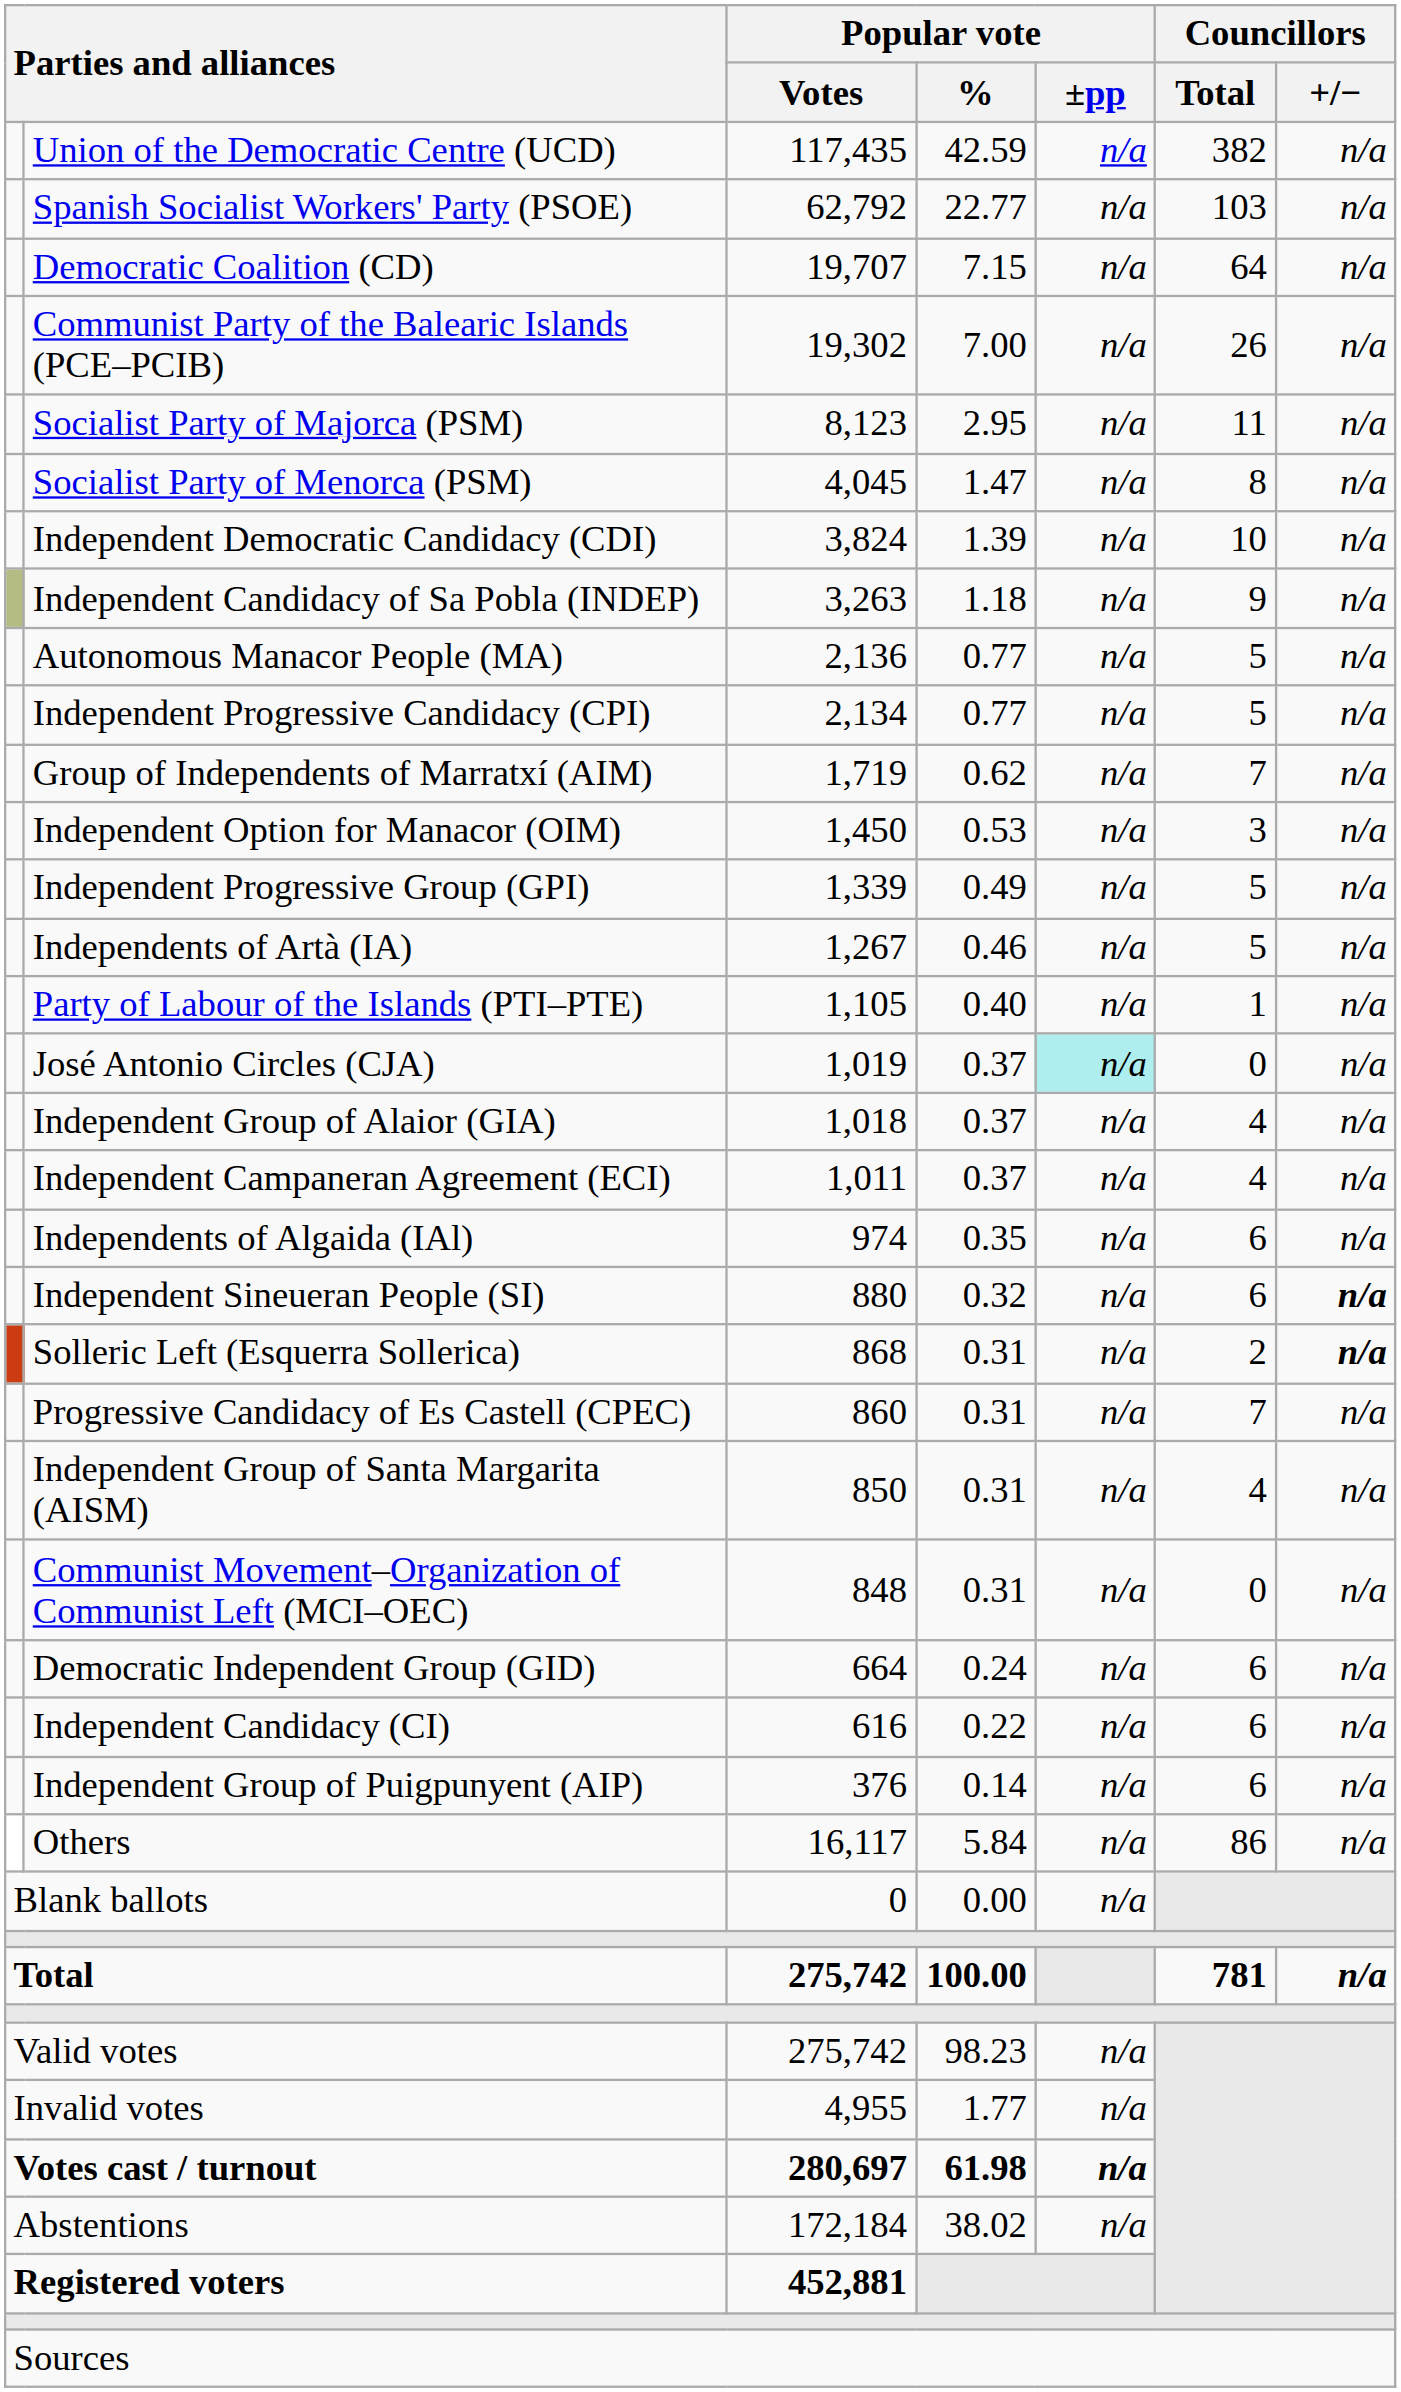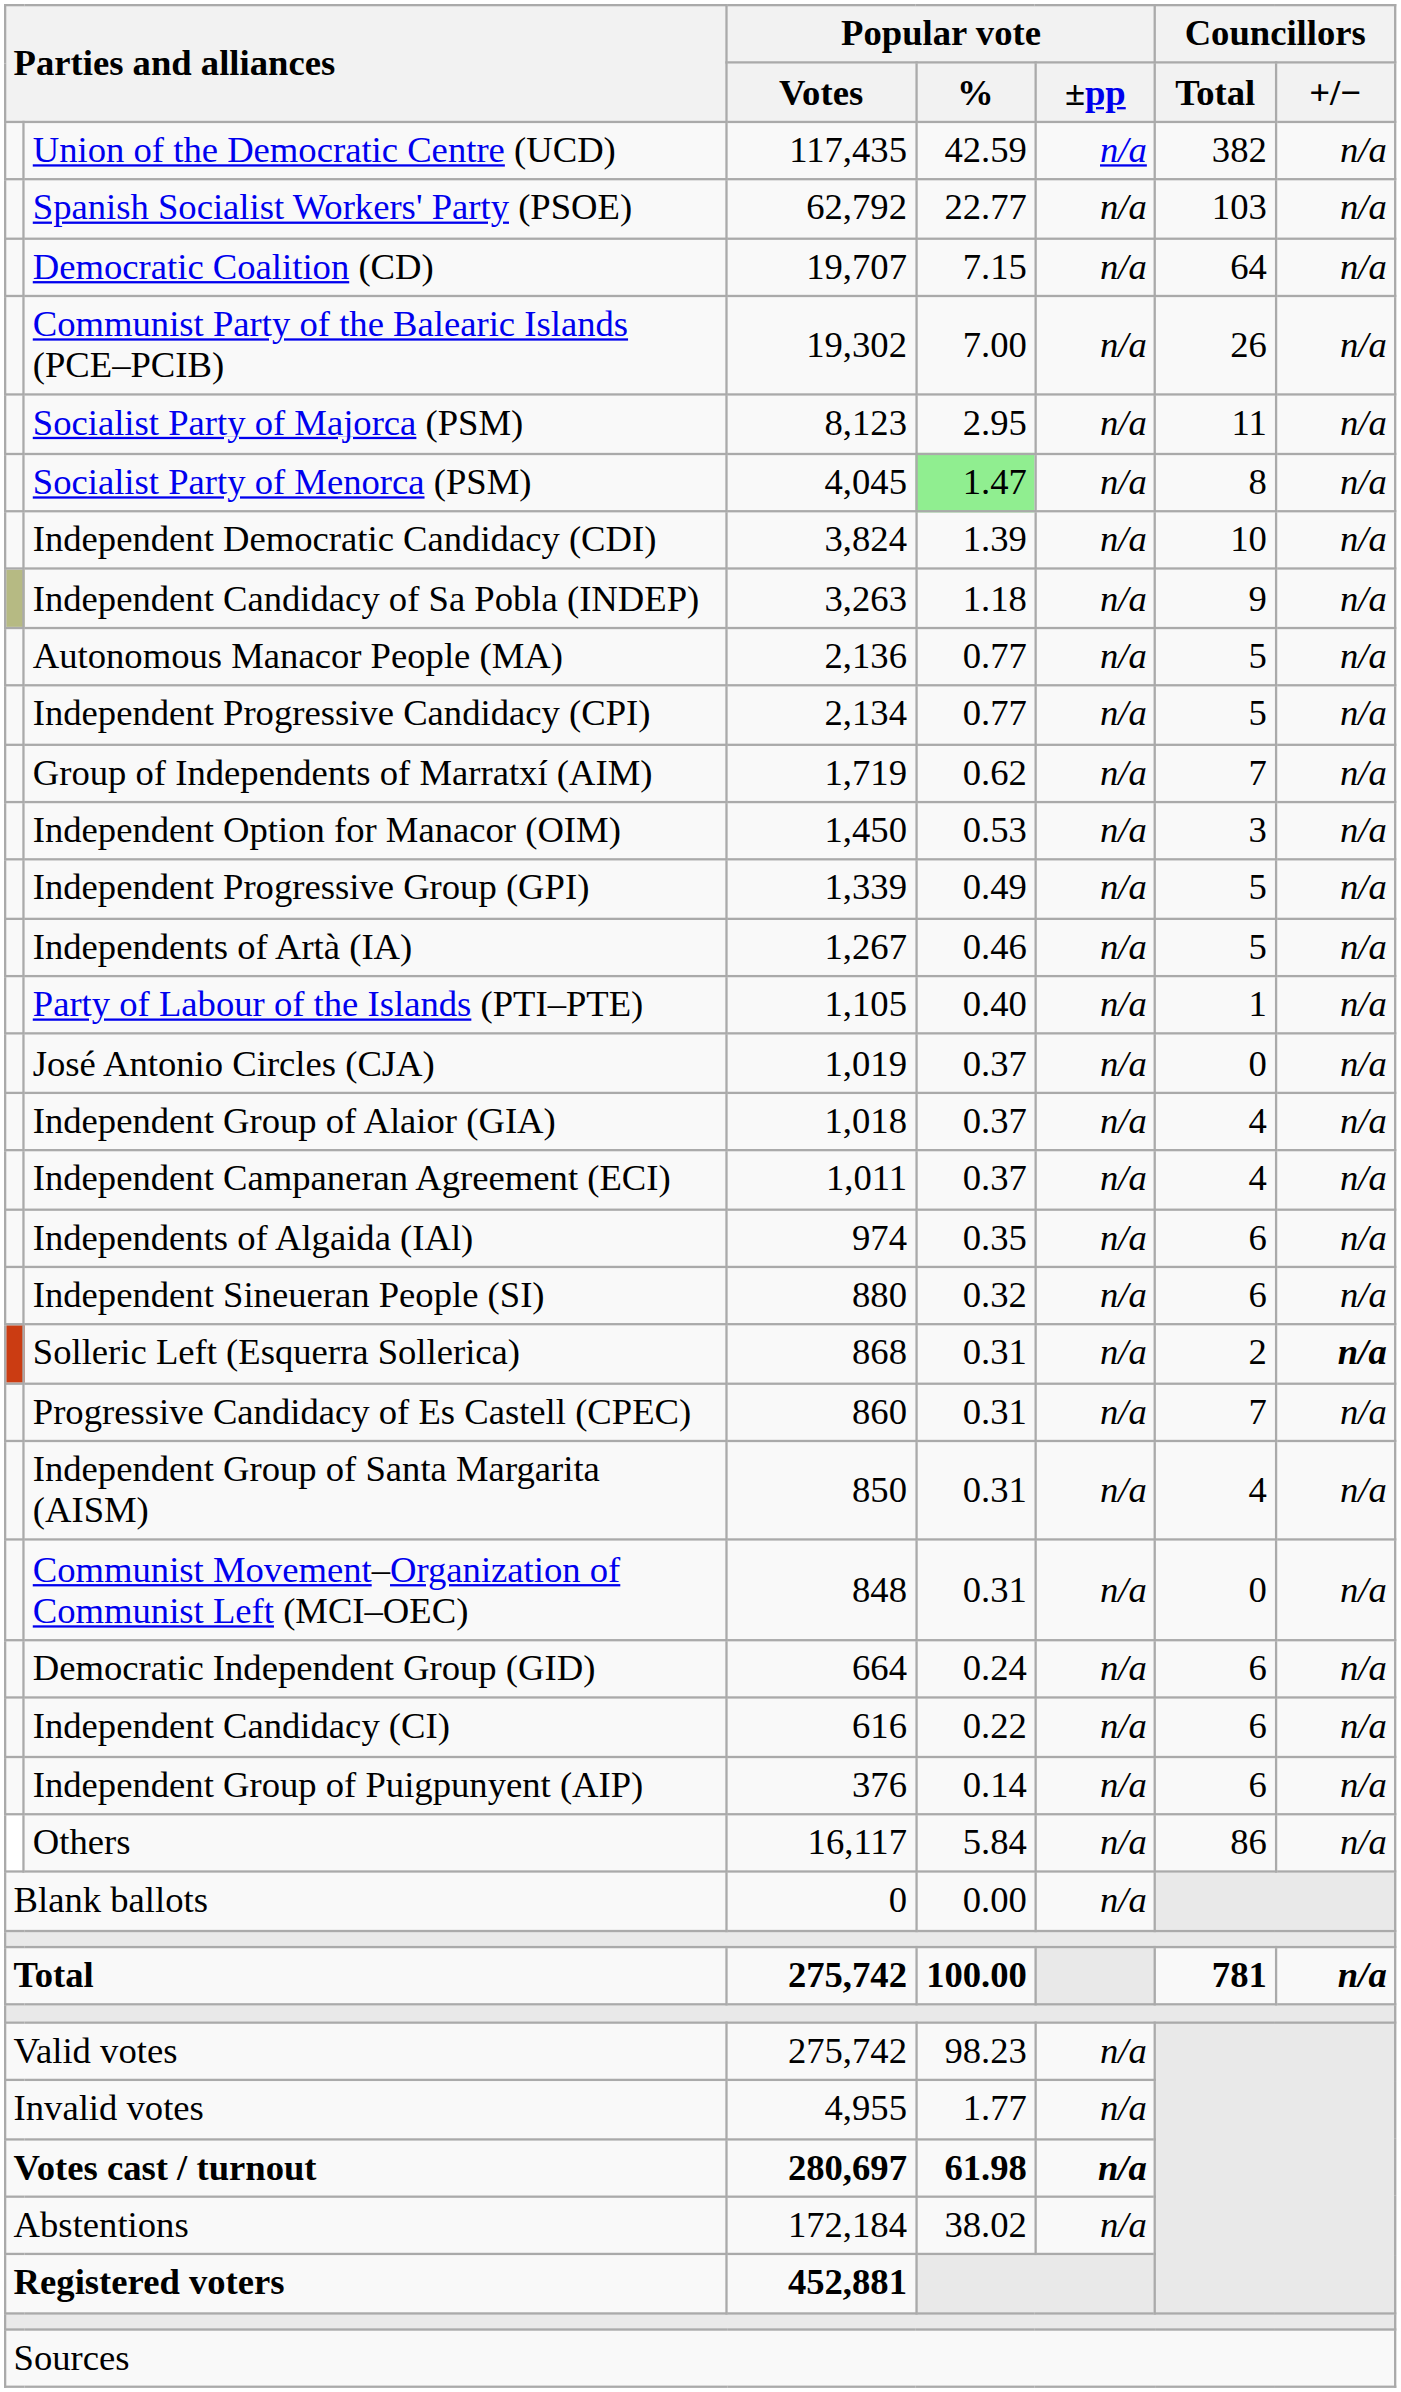 <table class="wikitable" style="text-align:right;">
 <tr>
 <th style="text-align:left;" rowspan="2" colspan="2" width="525">Parties and alliances</th>
 <th colspan="3">Popular vote</th>
 <th colspan="2">Councillors</th>
 </tr>
 <tr>
 <th width="75">Votes</th>
 <th width="45">%</th>
 <th width="45">±<a href='#'>pp</a></th>
 <th width="45">Total</th>
 <th width="45">+/−</th>
 </tr>
 <tr>
 <td width="1" style="color:inherit;background:"></td>
 <td align="left"><a href='#'>Union of the Democratic Centre</a> (UCD)</td>
 <td>117,435</td>
 <td>42.59</td>
 <td><em><a href='#'>n/a</a></em></td>
 <td>382</td>
 <td><em>n/a</em></td>
 </tr>
 <tr>
 <td style="color:inherit;background:"></td>
 <td align="left"><a href='#'>Spanish Socialist Workers' Party</a> (PSOE)</td>
 <td>62,792</td>
 <td>22.77</td>
 <td><em>n/a</em></td>
 <td>103</td>
 <td><em>n/a</em></td>
 </tr>
 <tr>
 <td style="color:inherit;background:"></td>
 <td align="left"><a href='#'>Democratic Coalition</a> (CD)</td>
 <td>19,707</td>
 <td>7.15</td>
 <td><em>n/a</em></td>
 <td>64</td>
 <td><em>n/a</em></td>
 </tr>
 <tr>
 <td style="color:inherit;background:"></td>
 <td align="left"><a href='#'>Communist Party of the Balearic Islands</a> (PCE–PCIB)</td>
 <td>19,302</td>
 <td>7.00</td>
 <td><em>n/a</em></td>
 <td>26</td>
 <td><em>n/a</em></td>
 </tr>
 <tr>
 <td style="color:inherit;background:"></td>
 <td align="left"><a href='#'>Socialist Party of Majorca</a> (PSM)</td>
 <td>8,123</td>
 <td>2.95</td>
 <td><em>n/a</em></td>
 <td>11</td>
 <td><em>n/a</em></td>
 </tr>
 <tr>
 <td style="color:inherit;background:"></td>
 <td align="left"><a href='#'>Socialist Party of Menorca</a> (PSM)</td>
 <td>4,045</td>
-<td>1.47</td>
+<td style="background: lightgreen;">1.47</td>
 <td><em>n/a</em></td>
 <td>8</td>
 <td><em>n/a</em></td>
 </tr>
 <tr>
 <td style="color:inherit;background:"></td>
 <td align="left">Independent Democratic Candidacy (CDI)</td>
 <td>3,824</td>
 <td>1.39</td>
 <td><em>n/a</em></td>
 <td>10</td>
 <td><em>n/a</em></td>
 </tr>
 <tr>
 <td bgcolor="#B6BA83"></td>
 <td align="left">Independent Candidacy of Sa Pobla (INDEP)</td>
 <td>3,263</td>
 <td>1.18</td>
 <td><em>n/a</em></td>
 <td>9</td>
 <td><em>n/a</em></td>
 </tr>
 <tr>
 <td style="color:inherit;background:"></td>
 <td align="left">Autonomous Manacor People (MA)</td>
 <td>2,136</td>
 <td>0.77</td>
 <td><em>n/a</em></td>
 <td>5</td>
 <td><em>n/a</em></td>
 </tr>
 <tr>
 <td style="color:inherit;background:"></td>
 <td align="left">Independent Progressive Candidacy (CPI)</td>
 <td>2,134</td>
 <td>0.77</td>
 <td><em>n/a</em></td>
 <td>5</td>
 <td><em>n/a</em></td>
 </tr>
 <tr>
 <td style="color:inherit;background:"></td>
 <td align="left">Group of Independents of Marratxí (AIM)</td>
 <td>1,719</td>
 <td>0.62</td>
 <td><em>n/a</em></td>
 <td>7</td>
 <td><em>n/a</em></td>
 </tr>
 <tr>
 <td style="color:inherit;background:"></td>
 <td align="left">Independent Option for Manacor (OIM)</td>
 <td>1,450</td>
 <td>0.53</td>
 <td><em>n/a</em></td>
 <td>3</td>
 <td><em>n/a</em></td>
 </tr>
 <tr>
 <td style="color:inherit;background:"></td>
 <td align="left">Independent Progressive Group (GPI)</td>
 <td>1,339</td>
 <td>0.49</td>
 <td><em>n/a</em></td>
 <td>5</td>
 <td><em>n/a</em></td>
 </tr>
 <tr>
 <td style="color:inherit;background:"></td>
 <td align="left">Independents of Artà (IA)</td>
 <td>1,267</td>
 <td>0.46</td>
 <td><em>n/a</em></td>
 <td>5</td>
 <td><em>n/a</em></td>
 </tr>
 <tr>
 <td style="color:inherit;background:"></td>
 <td align="left"><a href='#'>Party of Labour of the Islands</a> (PTI–PTE)</td>
 <td>1,105</td>
 <td>0.40</td>
 <td><em>n/a</em></td>
 <td>1</td>
 <td><em>n/a</em></td>
 </tr>
 <tr>
 <td style="color:inherit;background:"></td>
 <td align="left">José Antonio Circles (CJA)</td>
 <td>1,019</td>
 <td>0.37</td>
-<td style="background: paleturquoise;"><em>n/a</em></td>
+<td><em>n/a</em></td>
 <td>0</td>
 <td><em>n/a</em></td>
 </tr>
 <tr>
 <td style="color:inherit;background:"></td>
 <td align="left">Independent Group of Alaior (GIA)</td>
 <td>1,018</td>
 <td>0.37</td>
 <td><em>n/a</em></td>
 <td>4</td>
 <td><em>n/a</em></td>
 </tr>
 <tr>
 <td style="color:inherit;background:"></td>
 <td align="left">Independent Campaneran Agreement (ECI)</td>
 <td>1,011</td>
 <td>0.37</td>
 <td><em>n/a</em></td>
 <td>4</td>
 <td><em>n/a</em></td>
 </tr>
 <tr>
 <td style="color:inherit;background:"></td>
 <td align="left">Independents of Algaida (IAl)</td>
 <td>974</td>
 <td>0.35</td>
 <td><em>n/a</em></td>
 <td>6</td>
 <td><em>n/a</em></td>
 </tr>
 <tr>
 <td style="color:inherit;background:"></td>
 <td align="left">Independent Sineueran People (SI)</td>
 <td>880</td>
 <td>0.32</td>
 <td><em>n/a</em></td>
 <td>6</td>
-<td><strong><em>n/a</em></strong></td>
+<td><em>n/a</em></td>
 </tr>
 <tr>
 <td bgcolor="#CB3C12"></td>
 <td align="left">Solleric Left (Esquerra Sollerica)</td>
 <td>868</td>
 <td>0.31</td>
 <td><em>n/a</em></td>
 <td>2</td>
 <td><strong><em>n/a</em></strong></td>
 </tr>
 <tr>
 <td style="color:inherit;background:"></td>
 <td align="left">Progressive Candidacy of Es Castell (CPEC)</td>
 <td>860</td>
 <td>0.31</td>
 <td><em>n/a</em></td>
 <td>7</td>
 <td><em>n/a</em></td>
 </tr>
 <tr>
 <td style="color:inherit;background:"></td>
 <td align="left">Independent Group of Santa Margarita (AISM)</td>
 <td>850</td>
 <td>0.31</td>
 <td><em>n/a</em></td>
 <td>4</td>
 <td><em>n/a</em></td>
 </tr>
 <tr>
 <td style="color:inherit;background:"></td>
 <td align="left"><a href='#'>Communist Movement</a>–<a href='#'>Organization of Communist Left</a> (MCI–OEC)</td>
 <td>848</td>
 <td>0.31</td>
 <td><em>n/a</em></td>
 <td>0</td>
 <td><em>n/a</em></td>
 </tr>
 <tr>
 <td style="color:inherit;background:"></td>
 <td align="left">Democratic Independent Group (GID)</td>
 <td>664</td>
 <td>0.24</td>
 <td><em>n/a</em></td>
 <td>6</td>
 <td><em>n/a</em></td>
 </tr>
 <tr>
 <td style="color:inherit;background:"></td>
 <td align="left">Independent Candidacy (CI)</td>
 <td>616</td>
 <td>0.22</td>
 <td><em>n/a</em></td>
 <td>6</td>
 <td><em>n/a</em></td>
 </tr>
 <tr>
 <td style="color:inherit;background:"></td>
 <td align="left">Independent Group of Puigpunyent (AIP)</td>
 <td>376</td>
 <td>0.14</td>
 <td><em>n/a</em></td>
 <td>6</td>
 <td><em>n/a</em></td>
 </tr>
 <tr>
 <td bgcolor="white"></td>
 <td align="left">Others</td>
 <td>16,117</td>
 <td>5.84</td>
 <td><em>n/a</em></td>
 <td>86</td>
 <td><em>n/a</em></td>
 </tr>
 <tr>
 <td align="left" colspan="2">Blank ballots</td>
 <td>0</td>
 <td>0.00</td>
 <td><em>n/a</em></td>
 <td bgcolor="#E9E9E9" colspan="2"></td>
 </tr>
 <tr>
 <td colspan="7" bgcolor="#E9E9E9"></td>
 </tr>
 <tr style="font-weight:bold;">
 <td align="left" colspan="2">Total</td>
 <td>275,742</td>
 <td>100.00</td>
 <td bgcolor="#E9E9E9"></td>
 <td>781</td>
 <td><em>n/a</em></td>
 </tr>
 <tr>
 <td colspan="7" bgcolor="#E9E9E9"></td>
 </tr>
 <tr>
 <td align="left" colspan="2">Valid votes</td>
 <td>275,742</td>
 <td>98.23</td>
 <td><em>n/a</em></td>
 <td bgcolor="#E9E9E9" colspan="2" rowspan="5"></td>
 </tr>
 <tr>
 <td align="left" colspan="2">Invalid votes</td>
 <td>4,955</td>
 <td>1.77</td>
 <td><em>n/a</em></td>
 </tr>
 <tr style="font-weight:bold;">
 <td align="left" colspan="2">Votes cast / turnout</td>
 <td>280,697</td>
 <td>61.98</td>
 <td><em>n/a</em></td>
 </tr>
 <tr>
 <td align="left" colspan="2">Abstentions</td>
 <td>172,184</td>
 <td>38.02</td>
 <td><em>n/a</em></td>
 </tr>
 <tr style="font-weight:bold;">
 <td align="left" colspan="2">Registered voters</td>
 <td>452,881</td>
 <td bgcolor="#E9E9E9" colspan="2"></td>
 </tr>
 <tr>
 <td colspan="7" bgcolor="#E9E9E9"></td>
 </tr>
 <tr>
 <td align="left" colspan="7">Sources</td>
 </tr>
 </table>
